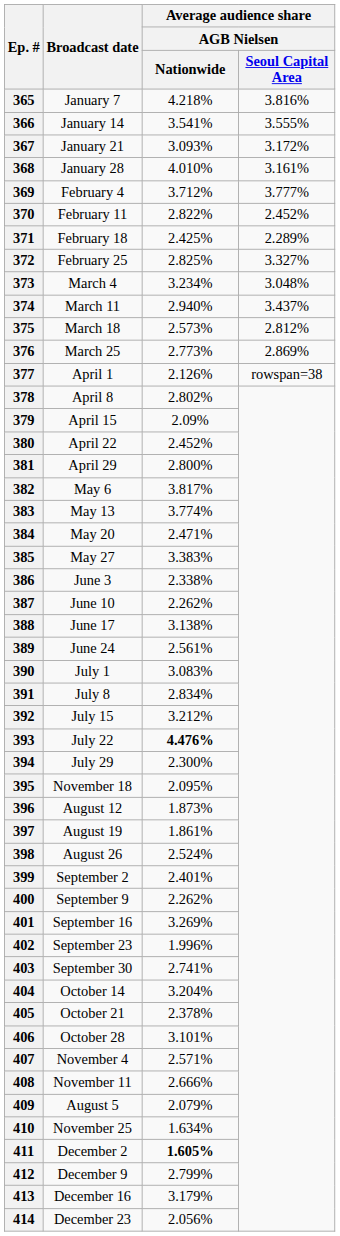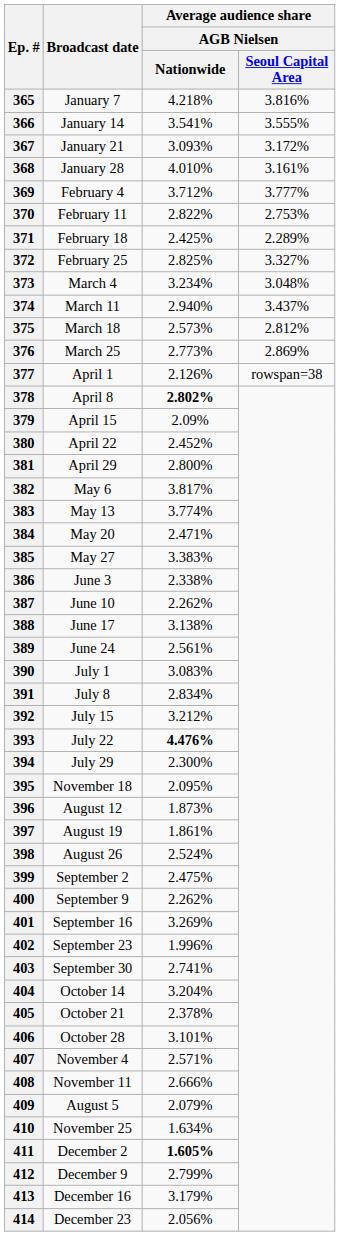 <table class="wikitable" style="text-align:center">
 <tr>
 <th rowspan="3">Ep. #</th>
 <th rowspan="3">Broadcast date</th>
 <th colspan="3">Average audience share</th>
 </tr>
 <tr>
 <th colspan="2">AGB Nielsen</th>
 </tr>
 <tr>
 <th width=100>Nationwide</th>
 <th width=100><a href='#'>Seoul Capital Area</a></th>
 </tr>
 <tr>
 <th>365</th>
 <td>January 7</td>
 <td>4.218%</td>
 <td>3.816%</td>
 </tr>
 <tr>
 <th>366</th>
 <td>January 14</td>
 <td>3.541%</td>
 <td>3.555%</td>
 </tr>
 <tr>
 <th>367</th>
 <td>January 21</td>
 <td>3.093%</td>
 <td>3.172%</td>
 </tr>
 <tr>
 <th>368</th>
 <td>January 28</td>
 <td>4.010%</td>
 <td>3.161%</td>
 </tr>
 <tr>
 <th>369</th>
 <td>February 4</td>
 <td>3.712%</td>
 <td>3.777%</td>
 </tr>
 <tr>
 <th>370</th>
 <td>February 11</td>
 <td>2.822%</td>
-<td>2.452%</td>
+<td>2.753%</td>
 </tr>
 <tr>
 <th>371</th>
 <td>February 18</td>
 <td>2.425%</td>
 <td>2.289%</td>
 </tr>
 <tr>
 <th>372</th>
 <td>February 25</td>
 <td>2.825%</td>
 <td>3.327%</td>
 </tr>
 <tr>
 <th>373</th>
 <td>March 4</td>
 <td>3.234%</td>
 <td>3.048%</td>
 </tr>
 <tr>
 <th>374</th>
 <td>March 11</td>
 <td>2.940%</td>
 <td>3.437%</td>
 </tr>
 <tr>
 <th>375</th>
 <td>March 18</td>
 <td>2.573%</td>
 <td>2.812%</td>
 </tr>
 <tr>
 <th>376</th>
 <td>March 25</td>
 <td>2.773%</td>
 <td>2.869%</td>
 </tr>
 <tr>
 <th>377</th>
 <td>April 1</td>
 <td>2.126%</td>
 <td>rowspan=38 </td>
 </tr>
 <tr>
 <th>378</th>
 <td>April 8</td>
-<td>2.802%</td>
+<td><strong>2.802%</strong></td>
 </tr>
 <tr>
 <th>379</th>
 <td>April 15</td>
 <td>2.09%</td>
 </tr>
 <tr>
 <th>380</th>
 <td>April 22</td>
 <td>2.452%</td>
 </tr>
 <tr>
 <th>381</th>
 <td>April 29</td>
 <td>2.800%</td>
 </tr>
 <tr>
 <th>382</th>
 <td>May 6</td>
 <td>3.817%</td>
 </tr>
 <tr>
 <th>383</th>
 <td>May 13</td>
 <td>3.774%</td>
 </tr>
 <tr>
 <th>384</th>
 <td>May 20</td>
 <td>2.471%</td>
 </tr>
 <tr>
 <th>385</th>
 <td>May 27</td>
 <td>3.383%</td>
 </tr>
 <tr>
 <th>386</th>
 <td>June 3</td>
 <td>2.338%</td>
 </tr>
 <tr>
 <th>387</th>
 <td>June 10</td>
 <td>2.262%</td>
 </tr>
 <tr>
 <th>388</th>
 <td>June 17</td>
 <td>3.138%</td>
 </tr>
 <tr>
 <th>389</th>
 <td>June 24</td>
 <td>2.561%</td>
 </tr>
 <tr>
 <th>390</th>
 <td>July 1</td>
 <td>3.083%</td>
 </tr>
 <tr>
 <th>391</th>
 <td>July 8</td>
 <td>2.834%</td>
 </tr>
 <tr>
 <th>392</th>
 <td>July 15</td>
 <td>3.212%</td>
 </tr>
 <tr>
 <th>393</th>
 <td>July 22</td>
 <td><span><strong>4.476%</strong></span></td>
 </tr>
 <tr>
 <th>394</th>
 <td>July 29</td>
 <td>2.300%</td>
 </tr>
 <tr>
 <th>395</th>
 <td>November 18</td>
 <td>2.095%</td>
 </tr>
 <tr>
 <th>396</th>
 <td>August 12</td>
 <td>1.873%</td>
 </tr>
 <tr>
 <th>397</th>
 <td>August 19</td>
 <td>1.861%</td>
 </tr>
 <tr>
 <th>398</th>
 <td>August 26</td>
 <td>2.524%</td>
 </tr>
 <tr>
 <th>399</th>
 <td>September 2</td>
-<td>2.401%</td>
+<td>2.475%</td>
 </tr>
 <tr>
 <th>400</th>
 <td>September 9</td>
 <td>2.262%</td>
 </tr>
 <tr>
 <th>401</th>
 <td>September 16</td>
 <td>3.269%</td>
 </tr>
 <tr>
 <th>402</th>
 <td>September 23</td>
 <td>1.996%</td>
 </tr>
 <tr>
 <th>403</th>
 <td>September 30</td>
 <td>2.741%</td>
 </tr>
 <tr>
 <th>404</th>
 <td>October 14</td>
 <td>3.204%</td>
 </tr>
 <tr>
 <th>405</th>
 <td>October 21</td>
 <td>2.378%</td>
 </tr>
 <tr>
 <th>406</th>
 <td>October 28</td>
 <td>3.101%</td>
 </tr>
 <tr>
 <th>407</th>
 <td>November 4</td>
 <td>2.571%</td>
 </tr>
 <tr>
 <th>408</th>
 <td>November 11</td>
 <td>2.666%</td>
 </tr>
 <tr>
 <th>409</th>
 <td>August 5</td>
 <td>2.079%</td>
 </tr>
 <tr>
 <th>410</th>
 <td>November 25</td>
 <td>1.634%</td>
 </tr>
 <tr>
 <th>411</th>
 <td>December 2</td>
 <td><span><strong>1.605%</strong></span></td>
 </tr>
 <tr>
 <th>412</th>
 <td>December 9</td>
 <td>2.799%</td>
 </tr>
 <tr>
 <th>413</th>
 <td>December 16</td>
 <td>3.179%</td>
 </tr>
 <tr>
 <th>414</th>
 <td>December 23</td>
 <td>2.056%</td>
 </tr>
 </table>
